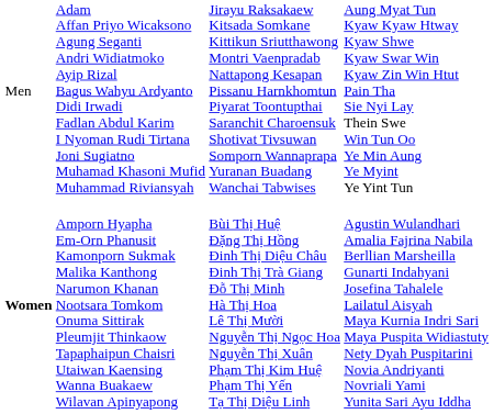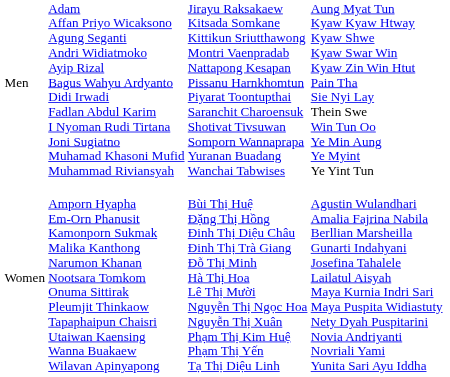 <table>
 <tr>
 <td>Men</td>
 <td><br><a href='#'>Adam</a><br><a href='#'>Affan Priyo Wicaksono</a><br><a href='#'>Agung Seganti</a><br><a href='#'>Andri Widiatmoko</a><br><a href='#'>Ayip Rizal</a><br><a href='#'>Bagus Wahyu Ardyanto</a><br><a href='#'>Didi Irwadi</a><br><a href='#'>Fadlan Abdul Karim</a><br><a href='#'>I Nyoman Rudi Tirtana</a><br><a href='#'>Joni Sugiatno</a><br><a href='#'>Muhamad Khasoni Mufid</a><br><a href='#'>Muhammad Riviansyah</a></td>
 <td><br><a href='#'>Jirayu Raksakaew</a><br><a href='#'>Kitsada Somkane</a><br><a href='#'>Kittikun Sriutthawong</a><br><a href='#'>Montri Vaenpradab</a><br><a href='#'>Nattapong Kesapan</a><br><a href='#'>Pissanu Harnkhomtun</a><br><a href='#'>Piyarat Toontupthai</a><br><a href='#'>Saranchit Charoensuk</a><br><a href='#'>Shotivat Tivsuwan</a><br><a href='#'>Somporn Wannaprapa</a><br><a href='#'>Yuranan Buadang</a><br><a href='#'>Wanchai Tabwises</a></td>
 <td><br><a href='#'>Aung Myat Tun</a><br><a href='#'>Kyaw Kyaw Htway</a><br><a href='#'>Kyaw Shwe</a><br><a href='#'>Kyaw Swar Win</a><br><a href='#'>Kyaw Zin Win Htut</a><br><a href='#'>Pain Tha</a><br><a href='#'>Sie Nyi Lay</a><br>Thein Swe<br><a href='#'>Win Tun Oo</a><br><a href='#'>Ye Min Aung</a><br><a href='#'>Ye Myint</a><br>Ye Yint Tun</td>
 </tr>
 <tr>
-<td><strong>Women</strong></td>
+<td>Women</td>
 <td><br><a href='#'>Amporn Hyapha</a><br><a href='#'>Em-Orn Phanusit</a><br><a href='#'>Kamonporn Sukmak</a><br><a href='#'>Malika Kanthong</a><br><a href='#'>Narumon Khanan</a><br><a href='#'>Nootsara Tomkom</a><br><a href='#'>Onuma Sittirak</a><br><a href='#'>Pleumjit Thinkaow</a><br><a href='#'>Tapaphaipun Chaisri</a><br><a href='#'>Utaiwan Kaensing</a><br><a href='#'>Wanna Buakaew</a><br><a href='#'>Wilavan Apinyapong</a></td>
 <td><br><a href='#'>Bùi Thị Huệ</a><br><a href='#'>Đặng Thị Hồng</a><br><a href='#'>Đinh Thị Diệu Châu</a><br><a href='#'>Đinh Thị Trà Giang</a><br><a href='#'>Đỗ Thị Minh</a><br><a href='#'>Hà Thị Hoa</a><br><a href='#'>Lê Thị Mười</a><br><a href='#'>Nguyễn Thị Ngọc Hoa</a><br><a href='#'>Nguyễn Thị Xuân</a><br><a href='#'>Phạm Thị Kim Huệ</a><br><a href='#'>Phạm Thị Yến</a><br><a href='#'>Tạ Thị Diệu Linh</a></td>
 <td><br><a href='#'>Agustin Wulandhari</a><br><a href='#'>Amalia Fajrina Nabila</a><br><a href='#'>Berllian Marsheilla</a><br><a href='#'>Gunarti Indahyani</a><br><a href='#'>Josefina Tahalele</a><br><a href='#'>Lailatul Aisyah</a><br><a href='#'>Maya Kurnia Indri Sari</a><br><a href='#'>Maya Puspita Widiastuty</a><br><a href='#'>Nety Dyah Puspitarini</a><br><a href='#'>Novia Andriyanti</a><br><a href='#'>Novriali Yami</a><br><a href='#'>Yunita Sari Ayu Iddha</a></td>
 </tr>
 </table>
